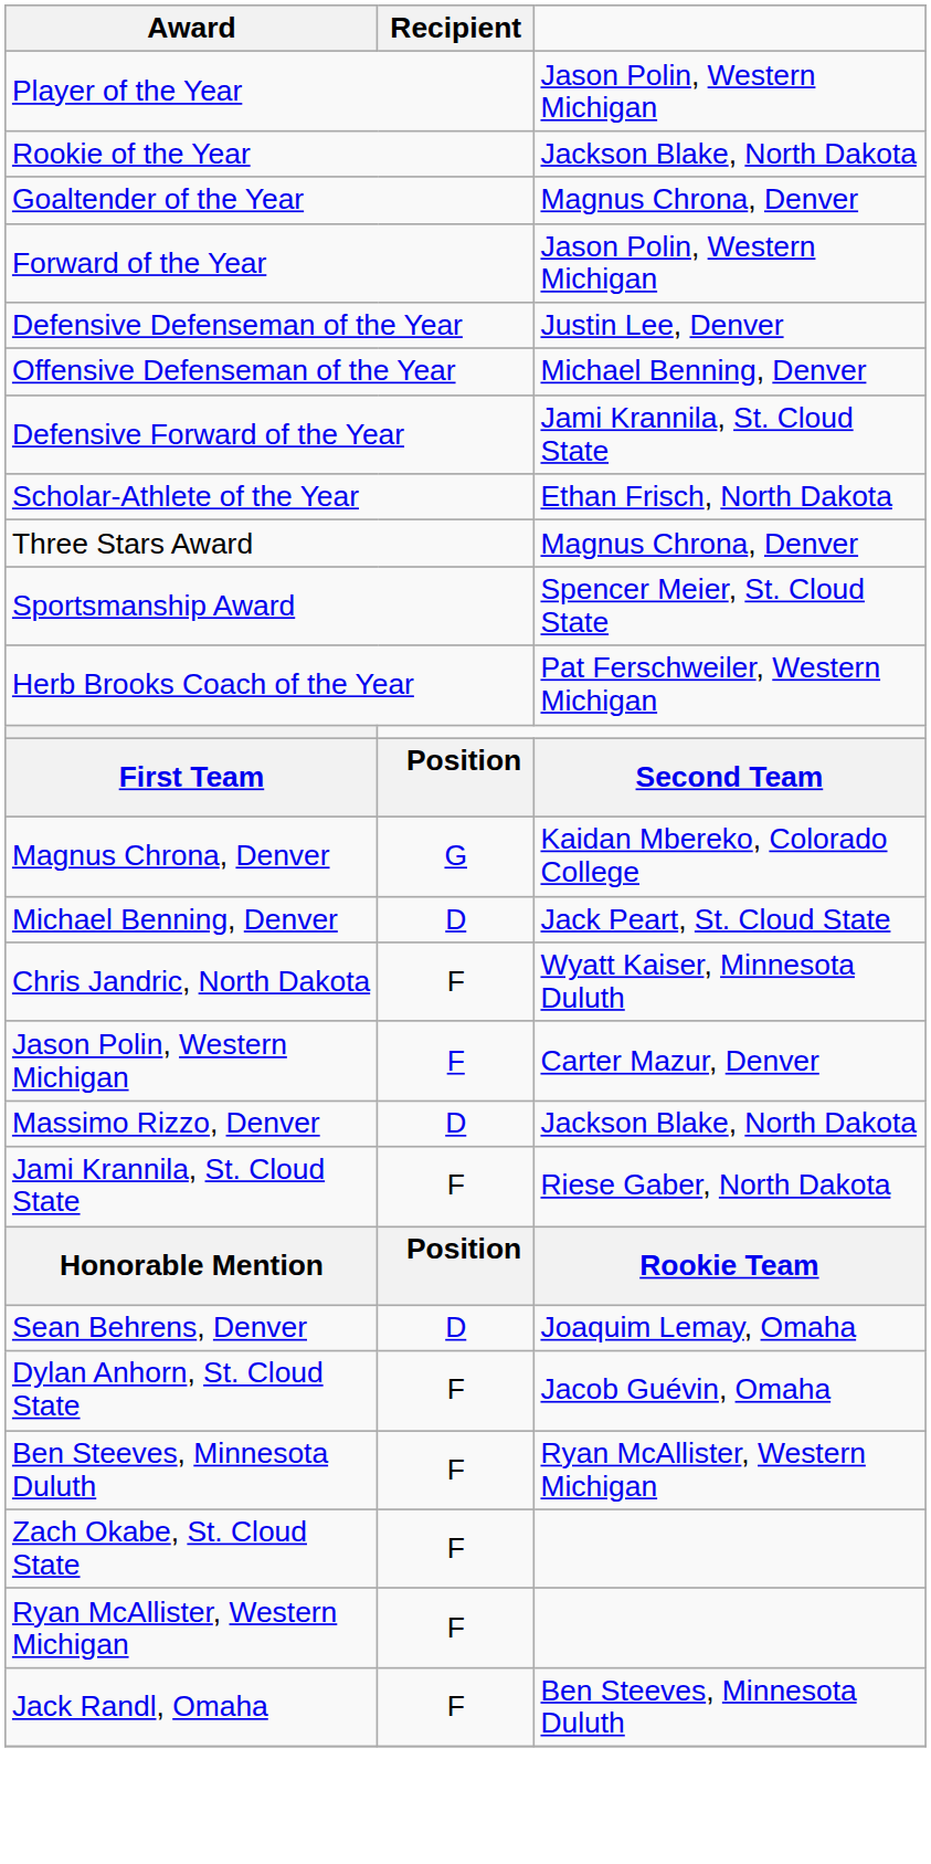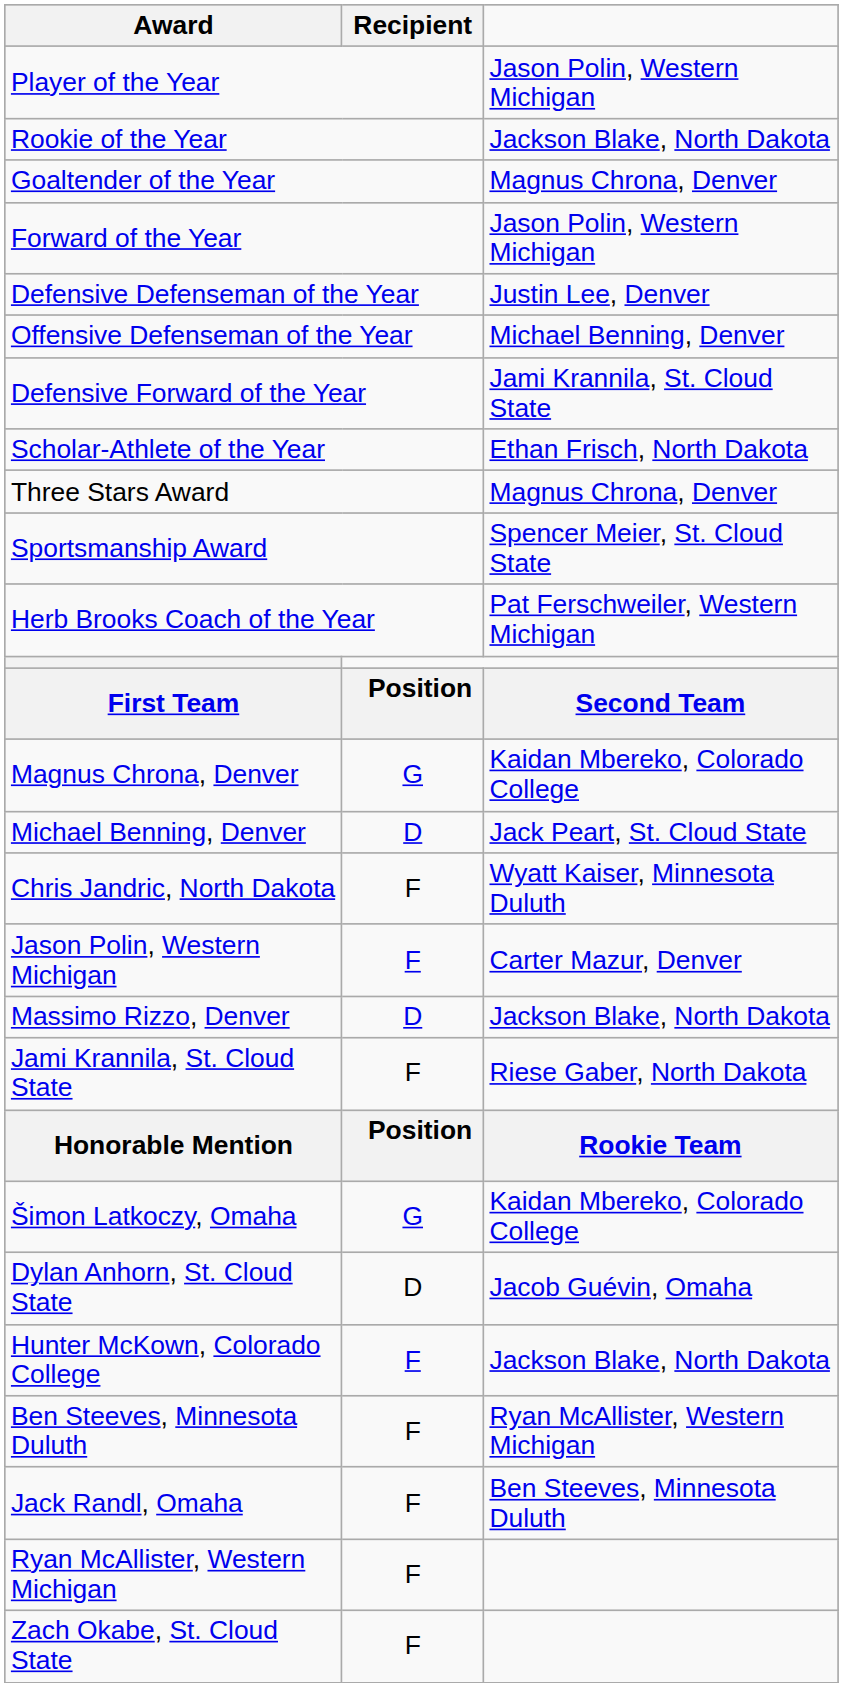 <table class="wikitable" width=40%>
 <tr>
 <th>Award</th>
 <th>Recipient </th>
 </tr>
 <tr>
 <td colspan=2><a href='#'>Player of the Year</a></td>
 <td><a href='#'>Jason Polin</a>, <a href='#'>Western Michigan</a></td>
 </tr>
 <tr>
 <td colspan=2><a href='#'>Rookie of the Year</a></td>
 <td><a href='#'>Jackson Blake</a>, <a href='#'>North Dakota</a></td>
 </tr>
 <tr>
 <td colspan=2><a href='#'>Goaltender of the Year</a></td>
 <td><a href='#'>Magnus Chrona</a>, <a href='#'>Denver</a></td>
 </tr>
 <tr>
 <td colspan=2><a href='#'>Forward of the Year</a></td>
 <td><a href='#'>Jason Polin</a>, <a href='#'>Western Michigan</a></td>
 </tr>
 <tr>
 <td colspan=2><a href='#'>Defensive Defenseman of the Year</a></td>
 <td><a href='#'>Justin Lee</a>, <a href='#'>Denver</a></td>
 </tr>
 <tr>
 <td colspan=2><a href='#'>Offensive Defenseman of the Year</a></td>
 <td><a href='#'>Michael Benning</a>, <a href='#'>Denver</a></td>
 </tr>
 <tr>
 <td colspan=2><a href='#'>Defensive Forward of the Year</a></td>
 <td><a href='#'>Jami Krannila</a>, <a href='#'>St. Cloud State</a></td>
 </tr>
 <tr>
 <td colspan=2><a href='#'>Scholar-Athlete of the Year</a></td>
 <td><a href='#'>Ethan Frisch</a>, <a href='#'>North Dakota</a></td>
 </tr>
 <tr>
 <td colspan=2>Three Stars Award</td>
 <td><a href='#'>Magnus Chrona</a>, <a href='#'>Denver</a></td>
 </tr>
 <tr>
 <td colspan=2><a href='#'>Sportsmanship Award</a></td>
 <td><a href='#'>Spencer Meier</a>, <a href='#'>St. Cloud State</a></td>
 </tr>
 <tr>
 <td colspan=2><a href='#'>Herb Brooks Coach of the Year</a></td>
 <td><a href='#'>Pat Ferschweiler</a>, <a href='#'>Western Michigan</a></td>
 </tr>
 <tr>
 <th><a href='#'></a></th>
 </tr>
 <tr>
 <th><a href='#'>First Team</a></th>
 <th>  Position  </th>
 <th><a href='#'>Second Team</a></th>
 </tr>
 <tr>
 <td><a href='#'>Magnus Chrona</a>, <a href='#'>Denver</a></td>
 <td align=center><a href='#'>G</a></td>
 <td><a href='#'>Kaidan Mbereko</a>, <a href='#'>Colorado College</a></td>
 </tr>
 <tr>
 <td><a href='#'>Michael Benning</a>, <a href='#'>Denver</a></td>
 <td align=center><a href='#'>D</a></td>
 <td><a href='#'>Jack Peart</a>, <a href='#'>St. Cloud State</a></td>
 </tr>
 <tr>
 <td><a href='#'>Chris Jandric</a>, <a href='#'>North Dakota</a></td>
 <td align=center>F</td>
 <td><a href='#'>Wyatt Kaiser</a>, <a href='#'>Minnesota Duluth</a></td>
 </tr>
 <tr>
 <td><a href='#'>Jason Polin</a>, <a href='#'>Western Michigan</a></td>
 <td align=center><a href='#'>F</a></td>
 <td><a href='#'>Carter Mazur</a>, <a href='#'>Denver</a></td>
 </tr>
 <tr>
 <td><a href='#'>Massimo Rizzo</a>, <a href='#'>Denver</a></td>
 <td align=center><a href='#'>D</a></td>
 <td><a href='#'>Jackson Blake</a>, <a href='#'>North Dakota</a></td>
 </tr>
 <tr>
 <td><a href='#'>Jami Krannila</a>, <a href='#'>St. Cloud State</a></td>
 <td align=center>F</td>
 <td><a href='#'>Riese Gaber</a>, <a href='#'>North Dakota</a></td>
 </tr>
 <tr>
 <th>Honorable Mention</th>
 <th>  Position  </th>
 <th><a href='#'>Rookie Team</a></th>
 </tr>
 <tr>
-<td><a href='#'>Sean Behrens</a>, <a href='#'>Denver</a></td>
-<td align=center><a href='#'>D</a></td>
-<td><a href='#'>Joaquim Lemay</a>, <a href='#'>Omaha</a></td>
+<td><a href='#'>Šimon Latkoczy</a>, <a href='#'>Omaha</a></td>
+<td align=center><a href='#'>G</a></td>
+<td><a href='#'>Kaidan Mbereko</a>, <a href='#'>Colorado College</a></td>
 </tr>
 <tr>
 <td><a href='#'>Dylan Anhorn</a>, <a href='#'>St. Cloud State</a></td>
-<td align=center>F</td>
+<td align=center>D</td>
 <td><a href='#'>Jacob Guévin</a>, <a href='#'>Omaha</a></td>
+</tr>
+<tr>
+<td><a href='#'>Hunter McKown</a>, <a href='#'>Colorado College</a></td>
+<td align=center><a href='#'>F</a></td>
+<td><a href='#'>Jackson Blake</a>, <a href='#'>North Dakota</a></td>
 </tr>
 <tr>
 <td><a href='#'>Ben Steeves</a>, <a href='#'>Minnesota Duluth</a></td>
 <td align=center>F</td>
 <td><a href='#'>Ryan McAllister</a>, <a href='#'>Western Michigan</a></td>
 </tr>
 <tr>
-<td><a href='#'>Zach Okabe</a>, <a href='#'>St. Cloud State</a></td>
+<td><a href='#'>Jack Randl</a>, <a href='#'>Omaha</a></td>
 <td align=center>F</td>
-<td></td>
+<td><a href='#'>Ben Steeves</a>, <a href='#'>Minnesota Duluth</a></td>
 </tr>
 <tr>
 <td><a href='#'>Ryan McAllister</a>, <a href='#'>Western Michigan</a></td>
 <td align=center>F</td>
 <td></td>
 </tr>
 <tr>
-<td><a href='#'>Jack Randl</a>, <a href='#'>Omaha</a></td>
+<td><a href='#'>Zach Okabe</a>, <a href='#'>St. Cloud State</a></td>
 <td align=center>F</td>
-<td><a href='#'>Ben Steeves</a>, <a href='#'>Minnesota Duluth</a></td>
+<td></td>
 </tr>
 <tr>
 </tr>
 </table>
